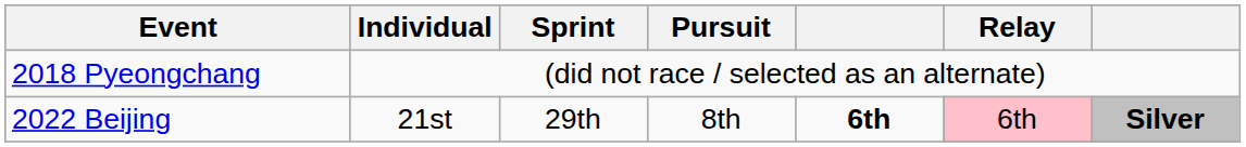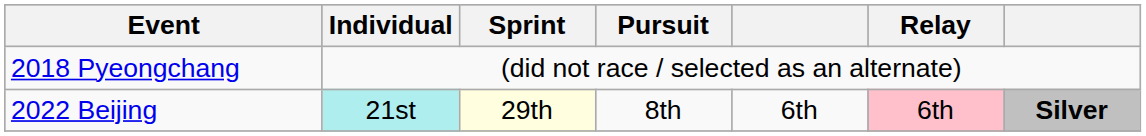 <table class="wikitable" style="text-align: center;">
 <tr>
 <th width="28%">Event</th>
 <th width="12%">Individual</th>
 <th width="12%">Sprint</th>
 <th width="12%">Pursuit</th>
 <th width="12%"></th>
 <th width="12%">Relay</th>
 <th width="12%"></th>
 </tr>
 <tr>
 <td align=left> <a href='#'>2018 Pyeongchang</a></td>
 <td colspan="6">(did not race / selected as an alternate)</td>
 </tr>
 <tr>
 <td align=left> <a href='#'>2022 Beijing</a></td>
-<td>21st</td>
-<td>29th</td>
+<td style="background: paleturquoise;">21st</td>
+<td style="background: lightyellow;">29th</td>
 <td>8th</td>
-<td><strong>6th</strong></td>
+<td>6th</td>
 <td style="background: pink;">6th</td>
 <td style="background:silver;"><strong>Silver</strong></td>
 </tr>
 </table>
